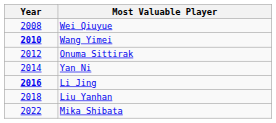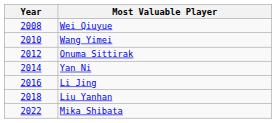 <table class="wikitable" style="width: 400px;">
 <tr>
 <th style="width: 20%;">Year</th>
 <th style="width: 80%;">Most Valuable Player</th>
 </tr>
 <tr>
 <td align=center><a href='#'>2008</a></td>
 <td> <a href='#'>Wei Qiuyue</a></td>
 </tr>
 <tr>
-<td align=center><strong><a href='#'>2010</a></strong></td>
+<td align=center><a href='#'>2010</a></td>
 <td> <a href='#'>Wang Yimei</a></td>
 </tr>
 <tr>
 <td align=center><a href='#'>2012</a></td>
 <td> <a href='#'>Onuma Sittirak</a></td>
 </tr>
 <tr>
 <td align=center><a href='#'>2014</a></td>
 <td>  <a href='#'>Yan Ni</a></td>
 </tr>
 <tr>
-<td align=center><strong><a href='#'>2016</a></strong></td>
+<td align=center><a href='#'>2016</a></td>
 <td> <a href='#'>Li Jing</a></td>
 </tr>
 <tr>
 <td align=center><a href='#'>2018</a></td>
 <td> <a href='#'>Liu Yanhan</a></td>
 </tr>
 <tr>
 <td align=center><a href='#'>2022</a></td>
 <td> <a href='#'>Mika Shibata</a></td>
 </tr>
 </table>
